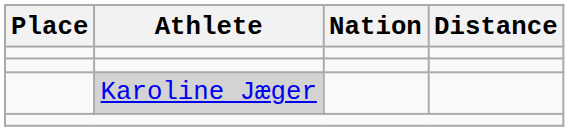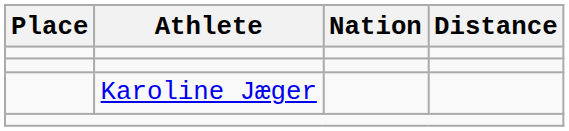 <table class="wikitable mw-datatable sortable">
 <tr>
 <th>Place</th>
 <th>Athlete</th>
 <th>Nation</th>
 <th>Distance</th>
 </tr>
 <tr>
 <td align=center></td>
 <td></td>
 <td></td>
 <td> </td>
 </tr>
 <tr>
 <td align=center></td>
 <td></td>
 <td></td>
 <td> </td>
 </tr>
 <tr>
 <td align=center></td>
-<td style="background: lightgrey;"><a href='#'>Karoline Jæger</a></td>
+<td><a href='#'>Karoline Jæger</a></td>
 <td></td>
 <td> </td>
 </tr>
 <tr class="sortbottom">
 <td align=center colspan="5"></td>
 </tr>
 </table>
